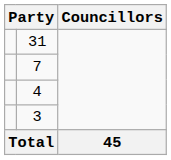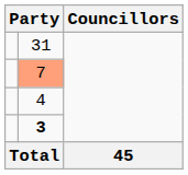 <table class="wikitable">
 <tr>
 <th colspan=2>Party</th>
 <th>Councillors</th>
 </tr>
 <tr>
 <td></td>
 <td align=center>31</td>
 </tr>
 <tr>
 <td></td>
-<td align=center>7</td>
+<td align=center style="background: lightsalmon;">7</td>
 </tr>
 <tr>
 <td></td>
 <td align=center>4</td>
 </tr>
 <tr>
 <td></td>
-<td align=center>3</td>
+<td align=center><strong>3</strong></td>
 </tr>
 <tr>
 <th colspan=2>Total</th>
 <th align=center>45</th>
 </tr>
 </table>
